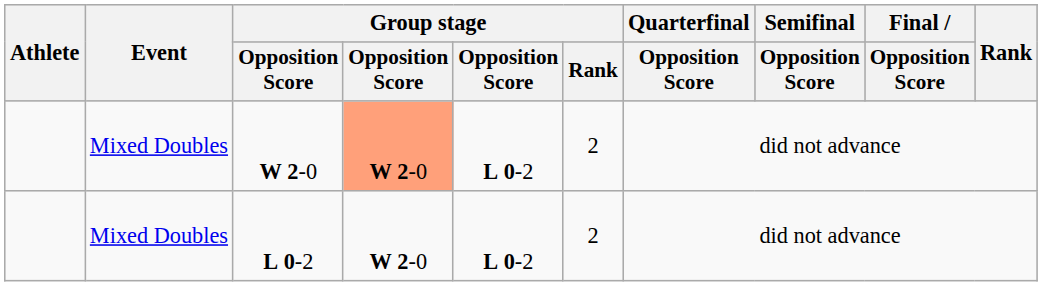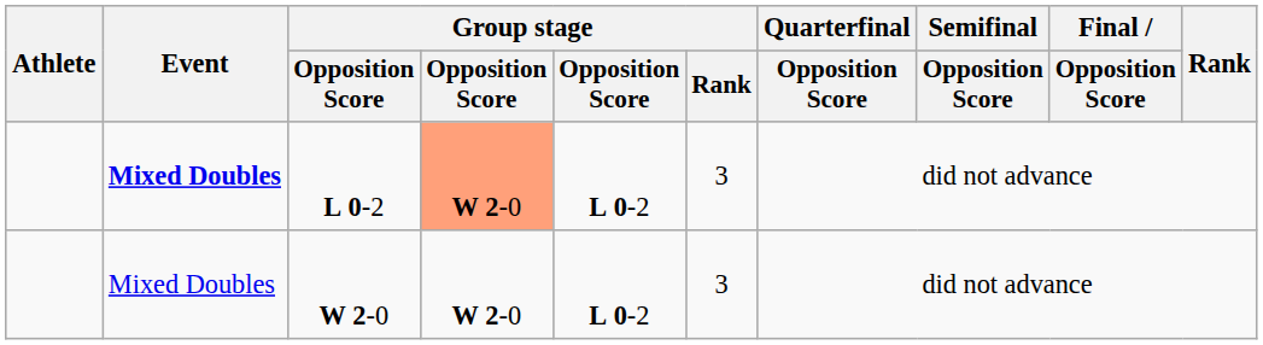 <table class="wikitable" style="font-size:90%">
 <tr>
 <th rowspan=2>Athlete</th>
 <th rowspan=2>Event</th>
 <th colspan=4>Group stage</th>
 <th>Quarterfinal</th>
 <th>Semifinal</th>
 <th>Final / </th>
 <th rowspan=2>Rank</th>
 </tr>
 <tr style="font-size:95%">
 <th>Opposition<br>Score</th>
 <th>Opposition<br>Score</th>
 <th>Opposition<br>Score</th>
 <th>Rank</th>
 <th>Opposition<br>Score</th>
 <th>Opposition<br>Score</th>
 <th>Opposition<br>Score</th>
 </tr>
 <tr align=center>
 <td align=left><br></td>
-<td align=left><a href='#'>Mixed Doubles</a></td>
-<td><small><br></small> <br> <strong>W</strong> <strong>2</strong>-0</td>
+<td align=left><strong><a href='#'>Mixed Doubles</a></strong></td>
+<td><small><br></small> <br> <strong>L</strong> <strong>0</strong>-2</td>
 <td style="background: lightsalmon;"><small><br></small> <br> <strong>W</strong> <strong>2</strong>-0</td>
 <td><small><br></small> <br> <strong>L</strong> <strong>0</strong>-2</td>
-<td>2</td>
+<td>3</td>
 <td colspan=4>did not advance</td>
 </tr>
 <tr align=center>
 <td align=left><br></td>
 <td align=left><a href='#'>Mixed Doubles</a></td>
-<td><small><br></small> <br> <strong>L</strong> <strong>0</strong>-2</td>
+<td><small><br></small> <br> <strong>W</strong> <strong>2</strong>-0</td>
 <td><small><br></small> <br> <strong>W</strong> <strong>2</strong>-0</td>
 <td><small><br></small> <br> <strong>L</strong> <strong>0</strong>-2</td>
-<td>2</td>
+<td>3</td>
 <td colspan=4>did not advance</td>
 </tr>
 </table>
